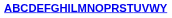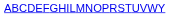 <table id="toc" class="toc" summary="Class">
 <tr>
 <th></th>
 </tr>
 <tr>
-<td style="text-align:center;"><strong><a href='#'>A</a><a href='#'>B</a><a href='#'>C</a><a href='#'>D</a><a href='#'>E</a><a href='#'>F</a><a href='#'>G</a><a href='#'>H</a><a href='#'>I</a><a href='#'>L</a><a href='#'>M</a><a href='#'>N</a><a href='#'>O</a><a href='#'>P</a><a href='#'>R</a><a href='#'>S</a><a href='#'>T</a><a href='#'>U</a><a href='#'>V</a><a href='#'>W</a><a href='#'>Y</a></strong></td>
+<td style="text-align:center;"><a href='#'>A</a><a href='#'>B</a><a href='#'>C</a><a href='#'>D</a><a href='#'>E</a><a href='#'>F</a><a href='#'>G</a><a href='#'>H</a><a href='#'>I</a><a href='#'>L</a><a href='#'>M</a><a href='#'>N</a><a href='#'>O</a><a href='#'>P</a><a href='#'>R</a><a href='#'>S</a><a href='#'>T</a><a href='#'>U</a><a href='#'>V</a><a href='#'>W</a><a href='#'>Y</a></td>
 </tr>
 </table>
